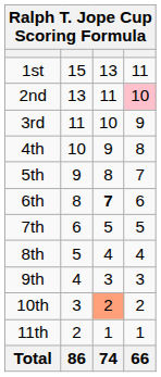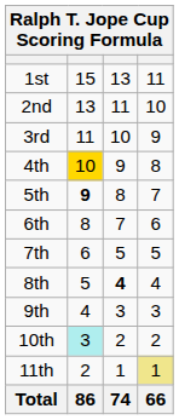 <table class="wikitable floatleft" style="text-align: center;">
 <tr>
 <th colspan="4"><strong>Ralph T. Jope Cup<br>Scoring Formula</strong></th>
 </tr>
 <tr>
 <th></th>
 <th></th>
 <th></th>
 <th></th>
 </tr>
 <tr>
 <td>1st</td>
 <td>15</td>
 <td>13</td>
 <td>11</td>
 </tr>
 <tr>
 <td>2nd</td>
 <td>13</td>
 <td>11</td>
-<td style="background: pink;">10</td>
+<td>10</td>
 </tr>
 <tr>
 <td>3rd</td>
 <td>11</td>
 <td>10</td>
 <td>9</td>
 </tr>
 <tr>
 <td>4th</td>
-<td>10</td>
+<td style="background: gold;">10</td>
 <td>9</td>
 <td>8</td>
 </tr>
 <tr>
 <td>5th</td>
-<td>9</td>
+<td><strong>9</strong></td>
 <td>8</td>
 <td>7</td>
 </tr>
 <tr>
 <td>6th</td>
 <td>8</td>
-<td><strong>7</strong></td>
+<td>7</td>
 <td>6</td>
 </tr>
 <tr>
 <td>7th</td>
 <td>6</td>
 <td>5</td>
 <td>5</td>
 </tr>
 <tr>
 <td>8th</td>
 <td>5</td>
-<td>4</td>
+<td><strong>4</strong></td>
 <td>4</td>
 </tr>
 <tr>
 <td>9th</td>
 <td>4</td>
 <td>3</td>
 <td>3</td>
 </tr>
 <tr>
 <td>10th</td>
-<td>3</td>
-<td style="background: lightsalmon;">2</td>
+<td style="background: paleturquoise;">3</td>
+<td>2</td>
 <td>2</td>
 </tr>
 <tr>
 <td>11th</td>
 <td>2</td>
 <td>1</td>
-<td>1</td>
+<td style="background: khaki;">1</td>
 </tr>
 <tr>
 <th scope="col">Total</th>
 <th scope="col">86</th>
 <th scope="col">74</th>
 <th scope="col">66</th>
 </tr>
 </table>
